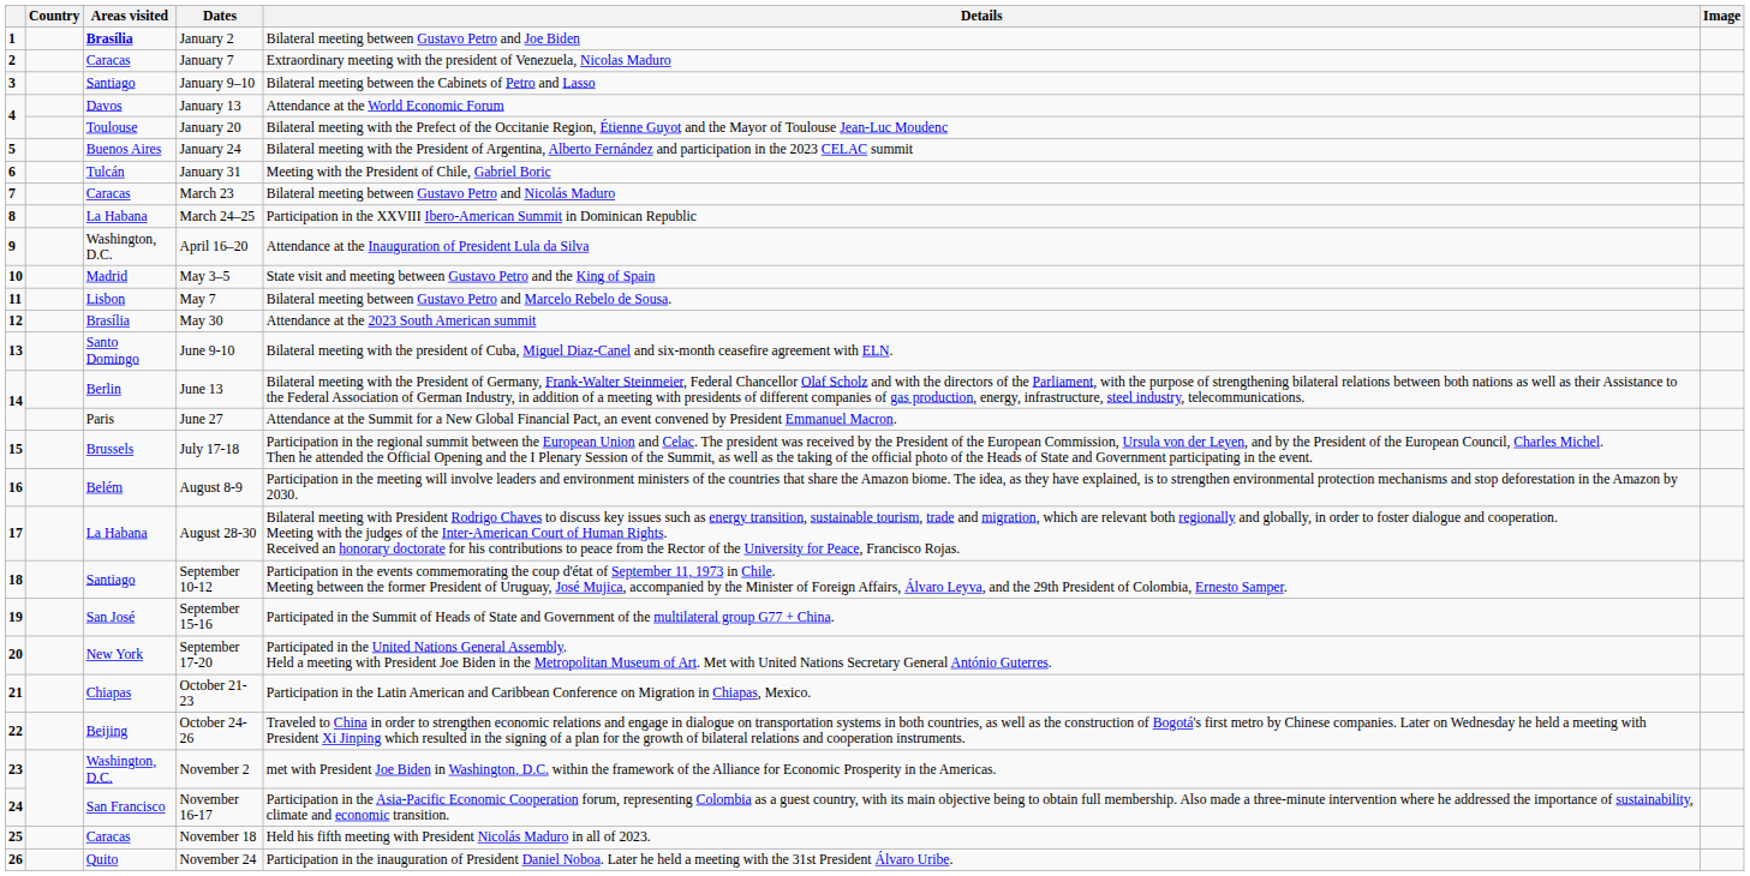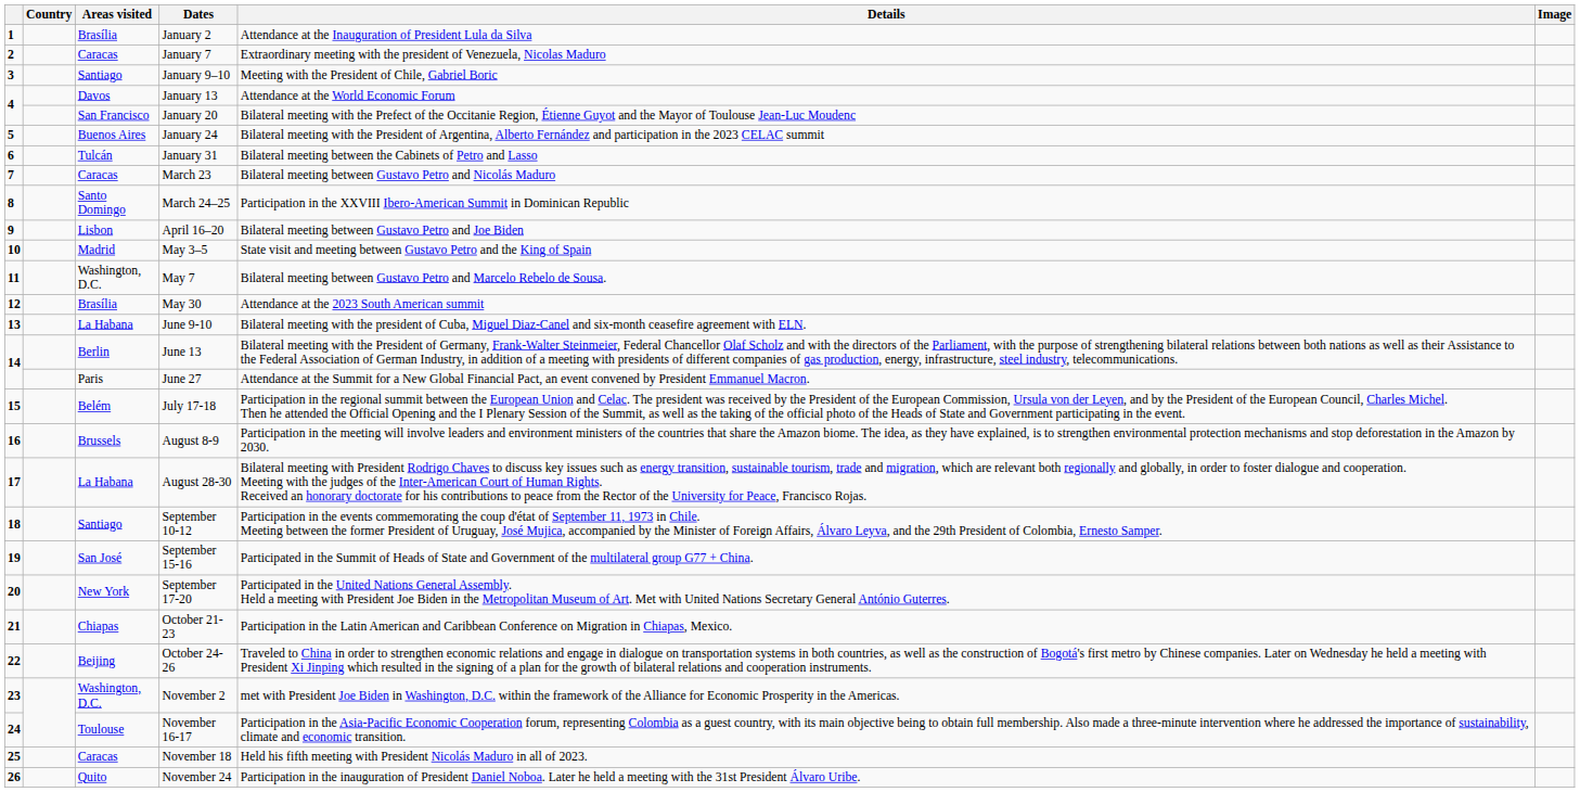 <table class="wikitable sortable" style="margin: 1em auto 1em auto">
 <tr>
 <th></th>
 <th>Country</th>
 <th>Areas visited</th>
 <th>Dates</th>
 <th class="unsortable">Details</th>
 <th class="unsortable">Image</th>
 </tr>
 <tr>
 <td><strong>1</strong></td>
 <td></td>
-<td><strong><a href='#'>Brasília</a></strong></td>
+<td><a href='#'>Brasília</a></td>
 <td>January 2</td>
-<td>Bilateral meeting between <a href='#'>Gustavo Petro</a> and <a href='#'>Joe Biden</a></td>
+<td>Attendance at the <a href='#'>Inauguration of President Lula da Silva</a></td>
 <td></td>
 </tr>
 <tr>
 <td><strong>2</strong></td>
 <td></td>
 <td><a href='#'>Caracas</a></td>
 <td>January 7</td>
 <td>Extraordinary meeting with the president of Venezuela, <a href='#'>Nicolas Maduro</a></td>
 <td></td>
 </tr>
 <tr>
 <td><strong>3</strong></td>
 <td></td>
 <td><a href='#'>Santiago</a></td>
 <td>January 9–10</td>
-<td>Bilateral meeting between the Cabinets of <a href='#'>Petro</a> and <a href='#'>Lasso</a></td>
+<td>Meeting with the President of Chile, <a href='#'>Gabriel Boric</a></td>
 </tr>
 <tr>
 <td rowspan=2><strong>4</strong></td>
 <td></td>
 <td><a href='#'>Davos</a></td>
 <td>January 13</td>
 <td>Attendance at the <a href='#'>World Economic Forum</a></td>
 <td></td>
 </tr>
 <tr>
 <td></td>
-<td><a href='#'>Toulouse</a></td>
+<td><a href='#'>San Francisco</a></td>
 <td>January 20</td>
 <td>Bilateral meeting with the Prefect of the Occitanie Region, <a href='#'>Étienne Guyot</a> and the Mayor of Toulouse <a href='#'>Jean-Luc Moudenc</a></td>
 <td></td>
 </tr>
 <tr>
 <td><strong>5</strong></td>
 <td></td>
 <td><a href='#'>Buenos Aires</a></td>
 <td>January 24</td>
 <td>Bilateral meeting with the President of Argentina, <a href='#'>Alberto Fernández</a> and participation in the 2023 <a href='#'>CELAC</a> summit</td>
 <td></td>
 </tr>
 <tr>
 <td><strong>6</strong></td>
 <td></td>
 <td><a href='#'>Tulcán</a></td>
 <td>January 31</td>
-<td>Meeting with the President of Chile, <a href='#'>Gabriel Boric</a></td>
+<td>Bilateral meeting between the Cabinets of <a href='#'>Petro</a> and <a href='#'>Lasso</a></td>
 <td></td>
 </tr>
 <tr>
 <td><strong>7</strong></td>
 <td></td>
 <td><a href='#'>Caracas</a></td>
 <td>March 23</td>
 <td>Bilateral meeting between <a href='#'>Gustavo Petro</a> and <a href='#'>Nicolás Maduro</a></td>
 <td></td>
 </tr>
 <tr>
 <td><strong>8</strong></td>
 <td></td>
-<td><a href='#'>La Habana</a></td>
+<td><a href='#'>Santo Domingo</a></td>
 <td>March 24–25</td>
 <td>Participation in the XXVIII <a href='#'>Ibero-American Summit</a> in Dominican Republic</td>
 </tr>
 <tr>
 <td><strong>9</strong></td>
 <td></td>
-<td>Washington, D.C.</td>
+<td><a href='#'>Lisbon</a></td>
 <td>April 16–20</td>
-<td>Attendance at the <a href='#'>Inauguration of President Lula da Silva</a></td>
+<td>Bilateral meeting between <a href='#'>Gustavo Petro</a> and <a href='#'>Joe Biden</a></td>
 <td></td>
 </tr>
 <tr>
 <td><strong>10</strong></td>
 <td></td>
 <td><a href='#'>Madrid</a></td>
 <td>May 3–5</td>
 <td>State visit and meeting between <a href='#'>Gustavo Petro</a> and the <a href='#'>King of Spain</a></td>
 <td></td>
 </tr>
 <tr>
 <td><strong>11</strong></td>
 <td></td>
-<td><a href='#'>Lisbon</a></td>
+<td>Washington, D.C.</td>
 <td>May 7</td>
 <td>Bilateral meeting between <a href='#'>Gustavo Petro</a> and <a href='#'>Marcelo Rebelo de Sousa</a>.<br></td>
 <td></td>
 </tr>
 <tr>
 <td><strong>12</strong></td>
 <td></td>
 <td><a href='#'>Brasília</a></td>
 <td>May 30</td>
 <td>Attendance at the <a href='#'>2023 South American summit</a></td>
 <td></td>
 </tr>
 <tr>
 <td><strong>13</strong></td>
 <td></td>
-<td><a href='#'>Santo Domingo</a></td>
+<td><a href='#'>La Habana</a></td>
 <td>June 9-10</td>
 <td>Bilateral meeting with the president of Cuba, <a href='#'>Miguel Diaz-Canel</a> and six-month ceasefire agreement with <a href='#'>ELN</a>.</td>
 <td></td>
 </tr>
 <tr>
 <td rowspan="2"><strong>14</strong></td>
 <td></td>
 <td><a href='#'>Berlin</a></td>
 <td>June 13</td>
 <td>Bilateral meeting with the President of Germany, <a href='#'>Frank-Walter Steinmeier</a>, Federal Chancellor <a href='#'>Olaf Scholz</a> and with the directors of the <a href='#'>Parliament</a>, with the purpose of strengthening bilateral relations between both nations as well as their Assistance to the Federal Association of German Industry, in addition of a meeting with presidents of different companies of <a href='#'>gas production</a>, energy, infrastructure, <a href='#'>steel industry</a>, telecommunications.</td>
 <td></td>
 </tr>
 <tr>
 <td></td>
 <td>Paris</td>
 <td>June 27</td>
 <td>Attendance at the Summit for a New Global Financial Pact, an event convened by President <a href='#'>Emmanuel Macron</a>.</td>
 <td></td>
 </tr>
 <tr>
 <td><strong>15</strong></td>
 <td></td>
-<td><a href='#'>Brussels</a></td>
+<td><a href='#'>Belém</a></td>
 <td>July 17-18</td>
 <td>Participation in the regional summit between the <a href='#'>European Union</a> and <a href='#'>Celac</a>. The president was received by the President of the European Commission, <a href='#'>Ursula von der Leyen</a>, and by the President of the European Council, <a href='#'>Charles Michel</a>.<br>Then he attended the Official Opening and the I Plenary Session of the Summit, as well as the taking of the official photo of the Heads of State and Government participating in the event.</td>
 <td></td>
 </tr>
 <tr>
 <td><strong>16</strong></td>
 <td></td>
-<td><a href='#'>Belém</a></td>
+<td><a href='#'>Brussels</a></td>
 <td>August 8-9</td>
 <td>Participation in the meeting will involve leaders and environment ministers of the countries that share the Amazon biome. The idea, as they have explained, is to strengthen environmental protection mechanisms and stop deforestation in the Amazon by 2030.</td>
 <td></td>
 </tr>
 <tr>
 <td><strong>17</strong></td>
 <td></td>
 <td><a href='#'>La Habana</a></td>
 <td>August 28-30</td>
 <td>Bilateral meeting with President <a href='#'>Rodrigo Chaves</a> to discuss key issues such as <a href='#'>energy transition</a>, <a href='#'>sustainable tourism</a>, <a href='#'>trade</a> and <a href='#'>migration</a>, which are relevant both <a href='#'>regionally</a> and globally, in order to foster dialogue and cooperation.<br>Meeting with the judges of the <a href='#'>Inter-American Court of Human Rights</a>.<br>Received an <a href='#'>honorary doctorate</a> for his contributions to peace from the Rector of the <a href='#'>University for Peace</a>, Francisco Rojas.</td>
 <td></td>
 </tr>
 <tr>
 <td><strong>18</strong></td>
 <td></td>
 <td><a href='#'>Santiago</a></td>
 <td>September 10-12</td>
 <td>Participation in the events commemorating the coup d'état of <a href='#'>September 11, 1973</a> in <a href='#'>Chile</a>.<br>Meeting between the former President of Uruguay, <a href='#'>José Mujica</a>, accompanied by the Minister of Foreign Affairs, <a href='#'>Álvaro Leyva</a>, and the 29th President of Colombia, <a href='#'>Ernesto Samper</a>.</td>
 <td></td>
 </tr>
 <tr>
 <td><strong>19</strong></td>
 <td></td>
 <td><a href='#'>San José</a></td>
 <td>September 15-16</td>
 <td>Participated in the Summit of Heads of State and Government of the <a href='#'>multilateral group G77 + China</a>.</td>
 <td></td>
 </tr>
 <tr>
 <td><strong>20</strong></td>
 <td></td>
 <td><a href='#'>New York</a></td>
 <td>September 17-20</td>
 <td>Participated in the <a href='#'>United Nations General Assembly</a>.<br>Held a meeting with President Joe Biden in the <a href='#'>Metropolitan Museum of Art</a>. Met with United Nations Secretary General <a href='#'>António Guterres</a>.</td>
 <td></td>
 </tr>
 <tr>
 <td><strong>21</strong></td>
 <td></td>
 <td><a href='#'>Chiapas</a></td>
 <td>October 21-23</td>
 <td>Participation in the Latin American and Caribbean Conference on Migration in <a href='#'>Chiapas</a>, Mexico.</td>
 <td></td>
 </tr>
 <tr>
 <td><strong>22</strong></td>
 <td></td>
 <td><a href='#'>Beijing</a></td>
 <td>October 24-26</td>
 <td>Traveled to <a href='#'>China</a> in order to strengthen economic relations and engage in dialogue on transportation systems in both countries, as well as the construction of <a href='#'>Bogotá</a>'s first metro by Chinese companies. Later on Wednesday he held a meeting with President <a href='#'>Xi Jinping</a> which resulted in the signing of a plan for the growth of bilateral relations and cooperation instruments.</td>
 <td></td>
 </tr>
 <tr>
 <td><strong>23</strong></td>
 <td rowspan="2"></td>
 <td><a href='#'>Washington, D.C.</a></td>
 <td>November 2</td>
 <td>met with President <a href='#'>Joe Biden</a> in <a href='#'>Washington, D.C.</a> within the framework of the Alliance for Economic Prosperity in the Americas.</td>
 <td></td>
 </tr>
 <tr>
 <td><strong>24</strong></td>
-<td><a href='#'>San Francisco</a></td>
+<td><a href='#'>Toulouse</a></td>
 <td>November 16-17</td>
 <td>Participation in the <a href='#'>Asia-Pacific Economic Cooperation</a> forum, representing <a href='#'>Colombia</a> as a guest country, with its main objective being to obtain full membership. Also made a three-minute intervention where he addressed the importance of <a href='#'>sustainability</a>, climate and <a href='#'>economic</a> transition.</td>
 <td></td>
 </tr>
 <tr>
 <td><strong>25</strong></td>
 <td></td>
 <td><a href='#'>Caracas</a></td>
 <td>November 18</td>
 <td>Held his fifth meeting with President <a href='#'>Nicolás Maduro</a> in all of 2023.</td>
 <td></td>
 </tr>
 <tr>
 <td><strong>26</strong></td>
 <td></td>
 <td><a href='#'>Quito</a></td>
 <td>November 24</td>
 <td>Participation in the inauguration of President <a href='#'>Daniel Noboa</a>. Later he held a meeting with the 31st President <a href='#'>Álvaro Uribe</a>.</td>
 <td></td>
 </tr>
 </table>
